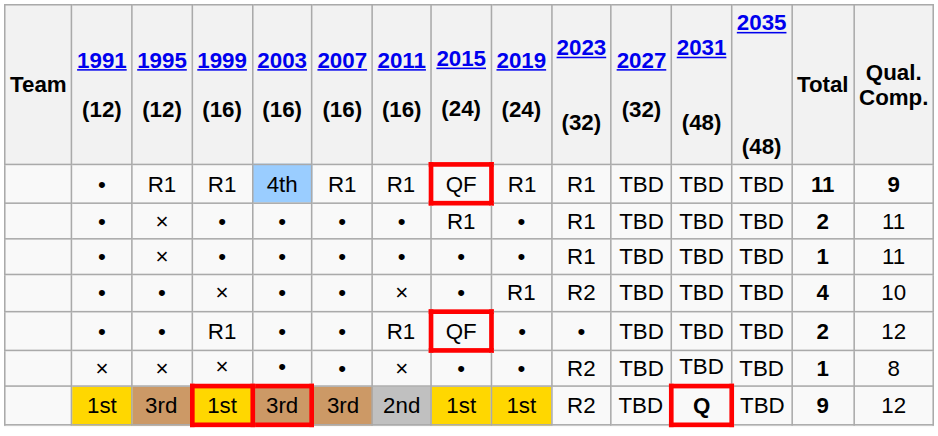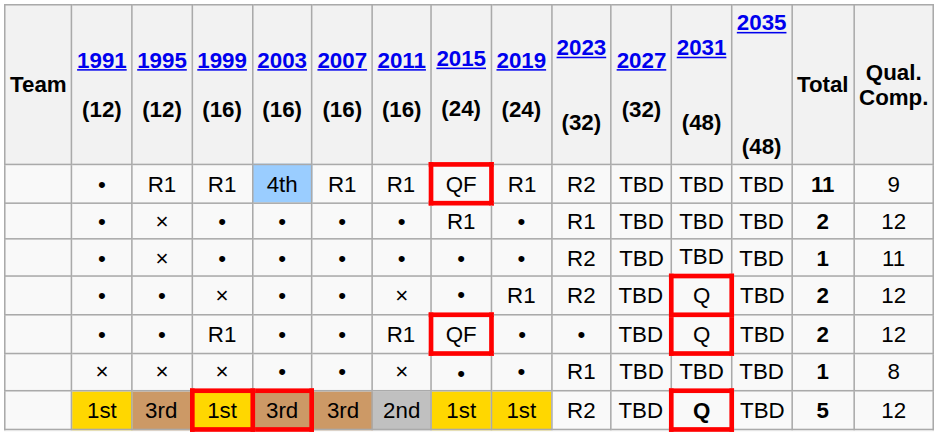 <table class="wikitable" style="text-align: center;  font-size:90%;">
 <tr>
 <th>Team</th>
 <th><a href='#'>1991</a><br><br>(12)</th>
 <th><a href='#'>1995</a><br><br>(12)</th>
 <th><a href='#'>1999</a><br><br>(16)</th>
 <th><a href='#'>2003</a><br><br>(16)</th>
 <th><a href='#'>2007</a><br><br>(16)</th>
 <th><a href='#'>2011</a><br><br>(16)</th>
 <th><a href='#'>2015</a><br><br>(24)</th>
 <th><a href='#'>2019</a><br><br>(24)</th>
 <th><a href='#'>2023</a><br><br><br>(32)</th>
 <th><a href='#'>2027</a><br><br>(32)</th>
 <th><a href='#'>2031</a><br><br><br>(48)</th>
 <th><a href='#'>2035</a><br><br><br><br><br>(48)</th>
 <th>Total</th>
 <th>Qual.<br>Comp.</th>
 </tr>
 <tr>
 <td align=left></td>
 <td>•</td>
 <td>R1<br></td>
 <td>R1<br></td>
 <td bgcolor=#9acdff>4th</td>
 <td>R1<br></td>
 <td>R1<br></td>
 <td style="border:3px solid red">QF<br></td>
 <td>R1<br></td>
-<td>R1<br></td>
+<td>R2<br></td>
 <td>TBD</td>
 <td>TBD</td>
 <td>TBD</td>
 <td><strong>11</strong></td>
-<td><strong>9</strong></td>
+<td>9</td>
 </tr>
 <tr>
 <td align=left></td>
 <td>•</td>
 <td>×</td>
 <td>•</td>
 <td>•</td>
 <td>•</td>
 <td>•</td>
 <td>R1<br></td>
 <td>•</td>
 <td>R1<br></td>
 <td>TBD</td>
 <td>TBD</td>
 <td>TBD</td>
 <td><strong>2</strong></td>
-<td>11</td>
+<td>12</td>
 </tr>
 <tr>
 <td align=left></td>
 <td>•</td>
 <td>×</td>
 <td>•</td>
 <td>•</td>
 <td>•</td>
 <td>•</td>
 <td>•</td>
 <td>•</td>
-<td>R1<br></td>
+<td>R2<br></td>
 <td>TBD</td>
 <td>TBD</td>
 <td>TBD</td>
 <td><strong>1</strong></td>
 <td>11</td>
 </tr>
 <tr>
 <td align=left></td>
 <td>•</td>
 <td>•</td>
 <td>×</td>
 <td>•</td>
 <td>•</td>
 <td>×</td>
 <td>•</td>
 <td>R1<br></td>
 <td>R2<br></td>
 <td>TBD</td>
+<td style="border:3px solid red">Q</td>
 <td>TBD</td>
-<td>TBD</td>
-<td><strong>4</strong></td>
-<td>10</td>
+<td><strong>2</strong></td>
+<td>12</td>
 </tr>
 <tr>
 <td align=left></td>
 <td>•</td>
 <td>•</td>
 <td>R1<br></td>
 <td>•</td>
 <td>•</td>
 <td>R1<br></td>
 <td style="border:3px solid red">QF<br></td>
 <td>•</td>
 <td>•</td>
 <td>TBD</td>
-<td>TBD</td>
+<td style="border:3px solid red">Q</td>
 <td>TBD</td>
 <td><strong>2</strong></td>
 <td>12</td>
 </tr>
 <tr>
 <td align=left></td>
 <td>×</td>
 <td>×</td>
 <td>×</td>
 <td>•</td>
 <td>•</td>
 <td>×</td>
 <td>•</td>
 <td>•</td>
-<td>R2<br></td>
+<td>R1<br></td>
 <td>TBD</td>
 <td>TBD</td>
 <td>TBD</td>
 <td><strong>1</strong></td>
 <td>8</td>
 </tr>
 <tr>
 <td align=left></td>
 <td bgcolor=gold>1st</td>
 <td bgcolor=#cc9966>3rd</td>
 <td style="border:3px solid red" bgcolor=gold>1st</td>
 <td style="border:3px solid red" bgcolor=#cc9966>3rd</td>
 <td bgcolor=#cc9966>3rd</td>
 <td bgcolor=silver>2nd</td>
 <td bgcolor=gold>1st</td>
 <td bgcolor=gold>1st</td>
 <td>R2<br></td>
 <td>TBD</td>
 <td style="border:3px solid red"><strong>Q</strong></td>
 <td>TBD</td>
-<td><strong>9</strong></td>
+<td><strong>5</strong></td>
 <td>12</td>
 </tr>
 </table>
